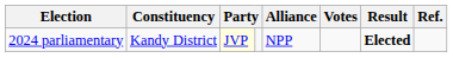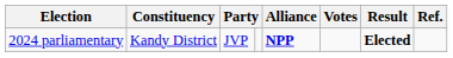 <table class="wikitable" style="text-align:left;">
 <tr>
 <th scope=col>Election</th>
 <th scope=col>Constituency</th>
 <th scope=col colspan="2">Party</th>
 <th scope=col>Alliance</th>
 <th scope=col>Votes</th>
 <th scope=col>Result</th>
 <th scope=col>Ref.</th>
 </tr>
 <tr>
 <td><a href='#'>2024 parliamentary</a></td>
 <td><a href='#'>Kandy District</a></td>
-<td style="background: lightyellow;"><a href='#'>JVP</a></td>
+<td><a href='#'>JVP</a></td>
 <td rowspan="1" style="background:"></td>
-<td><a href='#'>NPP</a></td>
+<td><strong><a href='#'>NPP</a></strong></td>
 <td align=right></td>
 <td><strong>Elected</strong></td>
 <td></td>
 </tr>
 </table>
